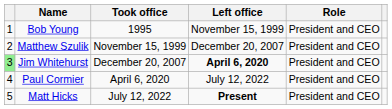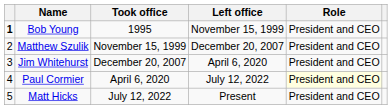 <table class="wikitable" style="text-align:center">
 <tr>
 <th></th>
 <th>Name</th>
 <th>Took office</th>
 <th>Left office</th>
 <th>Role</th>
 <th></th>
 </tr>
 <tr>
-<td>1</td>
+<td><strong>1</strong></td>
 <td><a href='#'>Bob Young</a></td>
 <td>1995</td>
 <td>November 15, 1999</td>
 <td>President and CEO</td>
 </tr>
 <tr>
 <td>2</td>
 <td><a href='#'>Matthew Szulik</a></td>
 <td>November 15, 1999</td>
 <td>December 20, 2007</td>
 <td>President and CEO</td>
 <td></td>
 </tr>
 <tr>
-<td style="background: lightgreen;">3</td>
+<td>3</td>
 <td><a href='#'>Jim Whitehurst</a></td>
 <td>December 20, 2007</td>
-<td><strong>April 6, 2020</strong></td>
+<td>April 6, 2020</td>
 <td>President and CEO</td>
 <td></td>
 </tr>
 <tr>
 <td>4</td>
 <td><a href='#'>Paul Cormier</a></td>
 <td>April 6, 2020</td>
 <td>July 12, 2022</td>
-<td>President and CEO</td>
+<td style="background: lightyellow;">President and CEO</td>
 <td></td>
 </tr>
 <tr>
 <td>5</td>
 <td><a href='#'>Matt Hicks</a></td>
 <td>July 12, 2022</td>
-<td><strong>Present</strong></td>
+<td>Present</td>
 <td>President and CEO</td>
 <td></td>
 </tr>
 </table>
